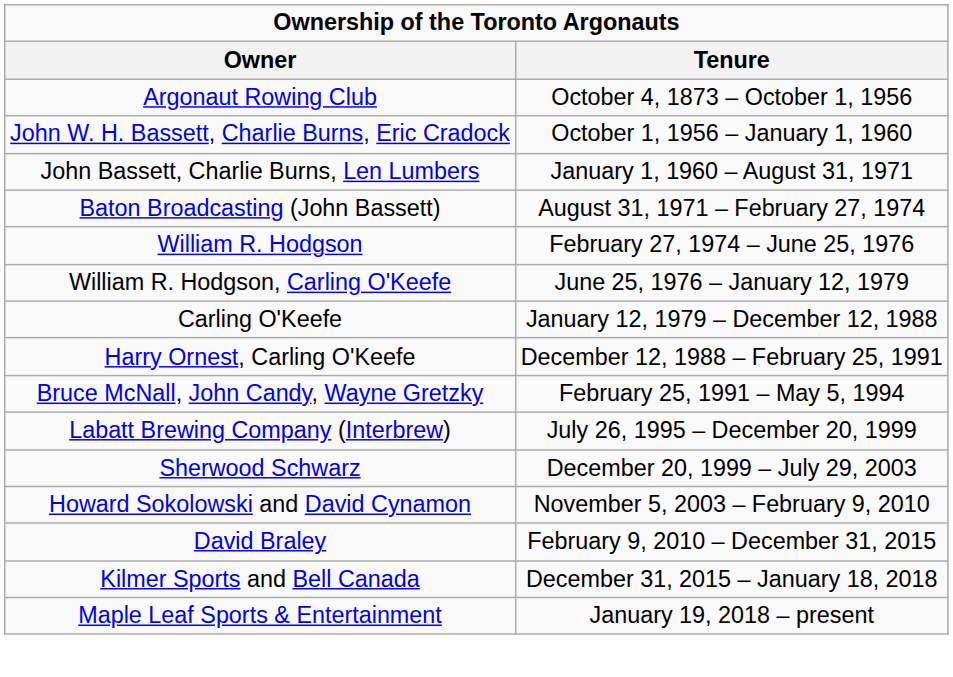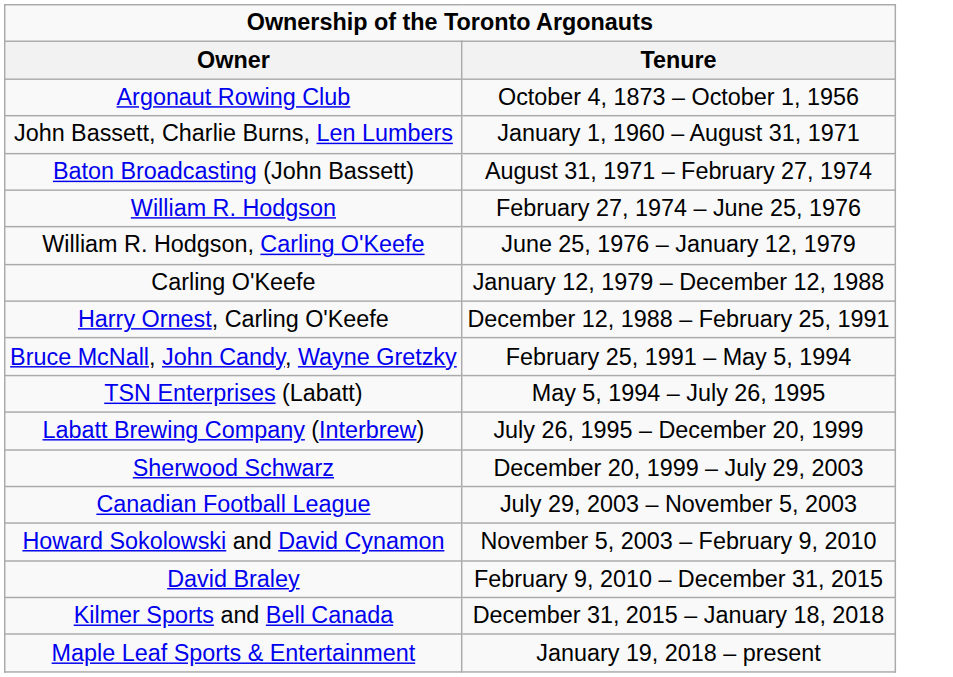 <table class="wikitable floatright" style="text-align:center">
 <tr>
 <td colspan="2"><strong>Ownership of the Toronto Argonauts</strong><br></td>
 </tr>
 <tr>
 <th>Owner</th>
 <th>Tenure</th>
 </tr>
 <tr>
 <td><a href='#'>Argonaut Rowing Club</a></td>
 <td>October 4, 1873 – October 1, 1956</td>
-</tr>
-<tr>
-<td><a href='#'>John W. H. Bassett</a>, <a href='#'>Charlie Burns</a>, <a href='#'>Eric Cradock</a></td>
-<td>October 1, 1956 – January 1, 1960</td>
 </tr>
 <tr>
 <td>John Bassett, Charlie Burns, <a href='#'>Len Lumbers</a></td>
 <td>January 1, 1960 – August 31, 1971</td>
 </tr>
 <tr>
 <td><a href='#'>Baton Broadcasting</a> (John Bassett)</td>
 <td>August 31, 1971 – February 27, 1974</td>
 </tr>
 <tr>
 <td><a href='#'>William R. Hodgson</a></td>
 <td>February 27, 1974 – June 25, 1976</td>
 </tr>
 <tr>
 <td>William R. Hodgson, <a href='#'>Carling O'Keefe</a></td>
 <td>June 25, 1976 – January 12, 1979</td>
 </tr>
 <tr>
 <td>Carling O'Keefe</td>
 <td>January 12, 1979 – December 12, 1988</td>
 </tr>
 <tr>
 <td><a href='#'>Harry Ornest</a>, Carling O'Keefe</td>
 <td>December 12, 1988 – February 25, 1991</td>
 </tr>
 <tr>
 <td><a href='#'>Bruce McNall</a>, <a href='#'>John Candy</a>, <a href='#'>Wayne Gretzky</a></td>
 <td>February 25, 1991 – May 5, 1994</td>
 </tr>
 <tr>
+<td><a href='#'>TSN Enterprises</a> (Labatt)</td>
+<td>May 5, 1994 – July 26, 1995</td>
+</tr>
+<tr>
 <td><a href='#'>Labatt Brewing Company</a> (<a href='#'>Interbrew</a>)</td>
 <td>July 26, 1995 – December 20, 1999</td>
 </tr>
 <tr>
 <td><a href='#'>Sherwood Schwarz</a></td>
 <td>December 20, 1999 – July 29, 2003</td>
+</tr>
+<tr>
+<td><a href='#'>Canadian Football League</a></td>
+<td>July 29, 2003 – November 5, 2003</td>
 </tr>
 <tr>
 <td><a href='#'>Howard Sokolowski</a> and <a href='#'>David Cynamon</a></td>
 <td>November 5, 2003 – February 9, 2010</td>
 </tr>
 <tr>
 <td><a href='#'>David Braley</a></td>
 <td>February 9, 2010 – December 31, 2015</td>
 </tr>
 <tr>
 <td><a href='#'>Kilmer Sports</a> and <a href='#'>Bell Canada</a></td>
 <td>December 31, 2015 – January 18, 2018</td>
 </tr>
 <tr>
 <td><a href='#'>Maple Leaf Sports & Entertainment</a></td>
 <td>January 19, 2018 – present</td>
 </tr>
 </table>
